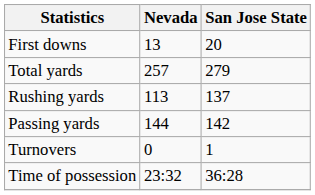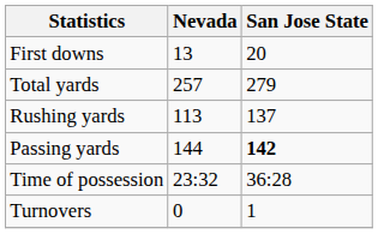 <table class="wikitable">
 <tr>
 <th>Statistics</th>
 <th>Nevada</th>
 <th>San Jose State</th>
 </tr>
 <tr>
 <td>First downs</td>
 <td>13</td>
 <td>20</td>
 </tr>
 <tr>
 <td>Total yards</td>
 <td>257</td>
 <td>279</td>
 </tr>
 <tr>
 <td>Rushing yards</td>
 <td>113</td>
 <td>137</td>
 </tr>
 <tr>
 <td>Passing yards</td>
 <td>144</td>
-<td>142</td>
+<td><strong>142</strong></td>
+</tr>
+<tr>
+<td>Time of possession</td>
+<td>23:32</td>
+<td>36:28</td>
 </tr>
 <tr>
 <td>Turnovers</td>
 <td>0</td>
 <td>1</td>
 </tr>
 <tr>
-<td>Time of possession</td>
-<td>23:32</td>
-<td>36:28</td>
-</tr>
-<tr>
 </tr>
 </table>
